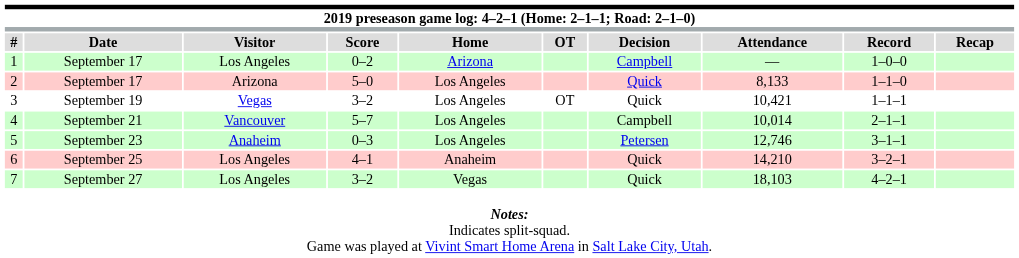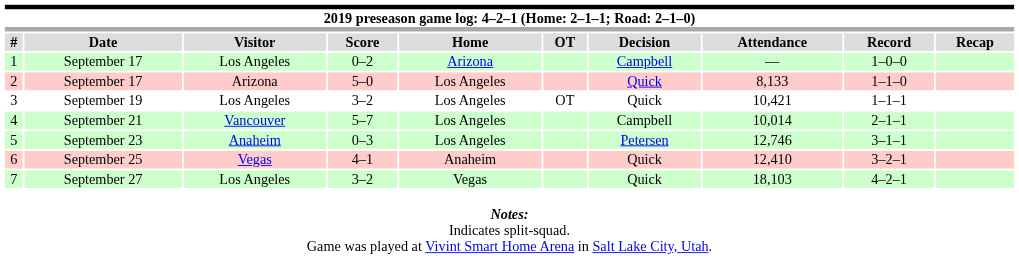 <table class="toccolours collapsible collapsed" style="width:90%; clear:both; margin:1.5em auto; text-align:center;">
 <tr>
 <th colspan="10" style="background:#FFFFFF; border-top:#000000 5px solid; border-bottom:#A2AAAD 5px solid;">2019 preseason game log: 4–2–1 (Home: 2–1–1; Road: 2–1–0)</th>
 </tr>
 <tr style="background:#ddd;">
 <th>#</th>
 <th>Date</th>
 <th>Visitor</th>
 <th>Score</th>
 <th>Home</th>
 <th>OT</th>
 <th>Decision</th>
 <th>Attendance</th>
 <th>Record</th>
 <th>Recap</th>
 </tr>
 <tr style="background:#cfc;">
 <td>1</td>
 <td>September 17</td>
 <td>Los Angeles</td>
 <td>0–2</td>
 <td><a href='#'>Arizona</a></td>
 <td></td>
 <td><a href='#'>Campbell</a></td>
 <td>—</td>
 <td>1–0–0</td>
 <td></td>
 </tr>
 <tr style="background:#fcc;">
 <td>2</td>
 <td>September 17</td>
 <td>Arizona</td>
 <td>5–0</td>
 <td>Los Angeles</td>
 <td></td>
 <td><a href='#'>Quick</a></td>
 <td>8,133</td>
 <td>1–1–0</td>
 <td></td>
 </tr>
 <tr style="background:#fff;">
 <td>3</td>
 <td>September 19</td>
-<td><a href='#'>Vegas</a></td>
+<td>Los Angeles</td>
 <td>3–2</td>
 <td>Los Angeles</td>
 <td>OT</td>
 <td>Quick</td>
 <td>10,421</td>
 <td>1–1–1</td>
 <td></td>
 </tr>
 <tr style="background:#cfc;">
 <td>4</td>
 <td>September 21</td>
 <td><a href='#'>Vancouver</a></td>
 <td>5–7</td>
 <td>Los Angeles</td>
 <td></td>
 <td>Campbell</td>
 <td>10,014</td>
 <td>2–1–1</td>
 <td></td>
 </tr>
 <tr style="background:#cfc;">
 <td>5</td>
 <td>September 23</td>
 <td><a href='#'>Anaheim</a></td>
 <td>0–3</td>
 <td>Los Angeles</td>
 <td></td>
 <td><a href='#'>Petersen</a></td>
 <td>12,746</td>
 <td>3–1–1</td>
 <td></td>
 </tr>
 <tr style="background:#fcc;">
 <td>6</td>
 <td>September 25</td>
-<td>Los Angeles</td>
+<td><a href='#'>Vegas</a></td>
 <td>4–1</td>
 <td>Anaheim</td>
 <td></td>
 <td>Quick</td>
-<td>14,210</td>
+<td>12,410</td>
 <td>3–2–1</td>
 <td></td>
 </tr>
 <tr style="background:#cfc;">
 <td>7</td>
 <td>September 27</td>
 <td>Los Angeles</td>
 <td>3–2</td>
 <td>Vegas</td>
 <td></td>
 <td>Quick</td>
 <td>18,103</td>
 <td>4–2–1</td>
 <td></td>
 </tr>
 <tr>
 <td colspan="10" style="text-align:center;"><br><strong><em>Notes:</em></strong><br>  Indicates split-squad.<br>  Game was played at <a href='#'>Vivint Smart Home Arena</a> in <a href='#'>Salt Lake City, Utah</a>.</td>
 </tr>
 </table>
